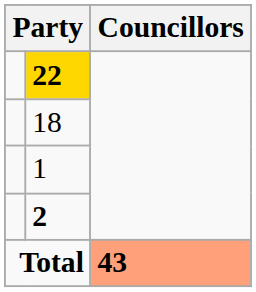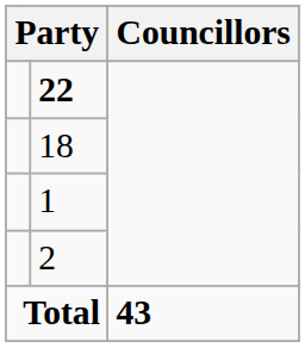 <table class="wikitable">
 <tr>
 <th colspan="2" rowspan="1" align="center" valign="top"><strong>Party</strong></th>
 <th valign="top"><strong>Councillors</strong><br></th>
 </tr>
 <tr>
 <td></td>
-<td style="background: gold;"><strong>22</strong></td>
+<td><strong>22</strong></td>
 </tr>
 <tr>
 <td></td>
 <td>18</td>
 </tr>
 <tr>
 <td></td>
 <td>1</td>
 </tr>
 <tr>
 <td></td>
-<td><strong>2</strong></td>
+<td>2</td>
 </tr>
 <tr>
 <td colspan="2" rowspan="1"> <strong>Total</strong><br></td>
-<td style="background: lightsalmon;"><strong>43</strong></td>
+<td><strong>43</strong></td>
 </tr>
 </table>
